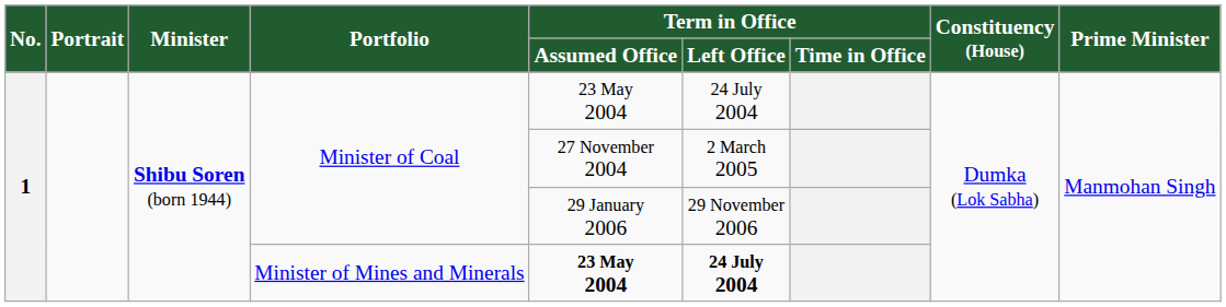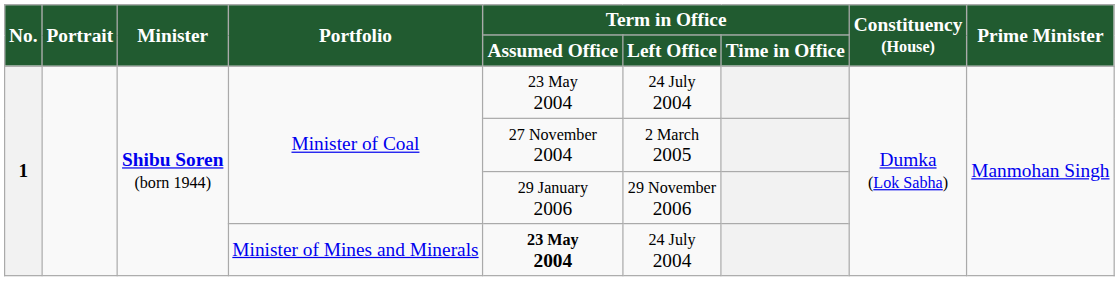 <table class="wikitable sortable" style="text-align:center;">
 <tr>
 <th rowspan="2" style="background-color:#215B30;color:white">No.</th>
 <th rowspan="2" style="background-color:#215B30;color:white">Portrait</th>
 <th rowspan="2" style="background-color:#215B30;color:white">Minister</th>
 <th rowspan="2" style="background-color:#215B30;color:white">Portfolio</th>
 <th colspan="3" style="background-color:#215B30;color:white">Term in Office</th>
 <th rowspan="2" style="background-color:#215B30;color:white">Constituency<br><small>(House)</small></th>
 <th rowspan="2" style="background-color:#215B30;color:white">Prime Minister</th>
 </tr>
 <tr>
 <th style="background-color:#215B30;color:white">Assumed Office</th>
 <th style="background-color:#215B30;color:white">Left Office</th>
 <th style="background-color:#215B30;color:white">Time in Office</th>
 </tr>
 <tr>
 <th rowspan="4">1</th>
 <td rowspan="4"></td>
 <td rowspan=4><strong><a href='#'>Shibu Soren</a></strong><br><small>(born 1944)</small></td>
 <td rowspan="3"><a href='#'>Minister of Coal</a></td>
 <td><small>23 May</small><br> 2004</td>
 <td><small>24 July</small><br> 2004</td>
 <th><strong></strong></th>
 <td rowspan="4"><a href='#'>Dumka</a><br><small>(<a href='#'>Lok Sabha</a>)</small></td>
 <td rowspan="4"><a href='#'>Manmohan Singh</a></td>
 </tr>
 <tr>
 <td><small>27 November</small><br>2004</td>
 <td><small>2 March</small><br>2005</td>
 <th><strong></strong></th>
 </tr>
 <tr>
 <td><small> 29 January</small><br> 2006</td>
 <td><small>29 November</small><br> 2006</td>
 <th><strong></strong></th>
 </tr>
 <tr>
 <td><a href='#'>Minister of Mines and Minerals</a></td>
 <td><strong><small>23 May</small><br> 2004</strong></td>
-<td><strong><small>24 July</small><br> 2004</strong></td>
+<td><small>24 July</small><br> 2004</td>
 <th><strong></strong></th>
 </tr>
 </table>
